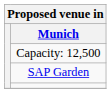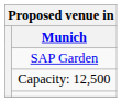 <table class="wikitable" style="text-align:center">
 <tr>
 <th colspan="3">Proposed venue in </th>
 </tr>
 <tr>
 <th rowspan="4" colspan="2"></th>
 <th><a href='#'>Munich</a></th>
 </tr>
 <tr>
-<td>Capacity: 12,500</td>
+<td><a href='#'>SAP Garden</a></td>
 </tr>
 <tr>
-<td><a href='#'>SAP Garden</a></td>
+<td>Capacity: 12,500</td>
 </tr>
 <tr>
 <td></td>
 </tr>
 <tr>
 </tr>
 </table>
